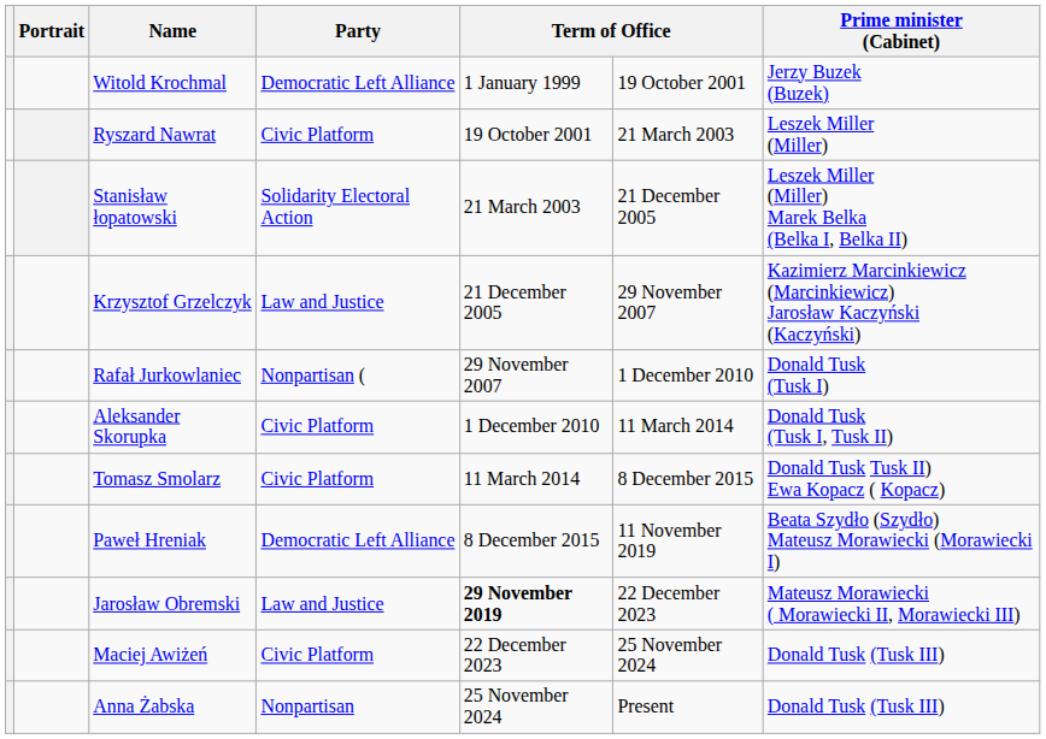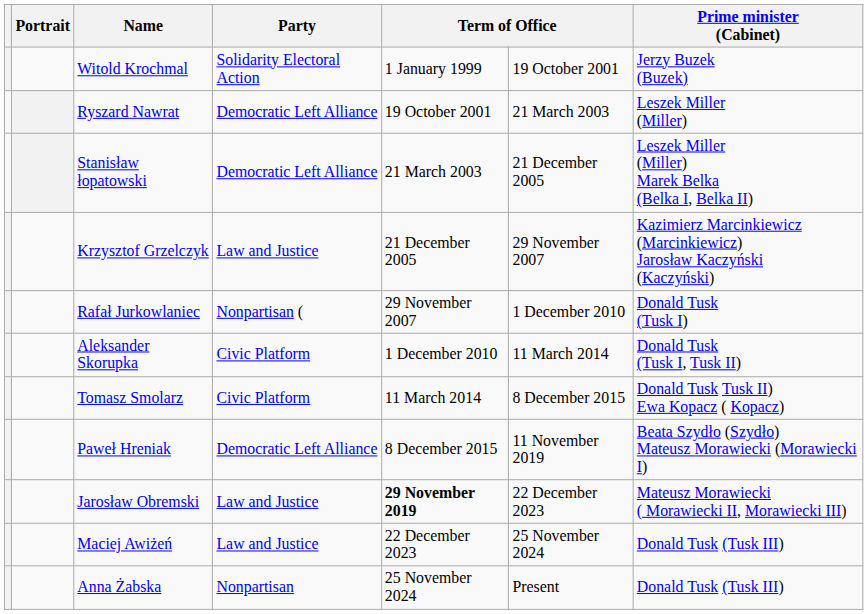 <table class="wikitable">
 <tr>
 <th></th>
 <th>Portrait</th>
 <th>Name</th>
 <th>Party</th>
 <th colspan="2">Term of Office</th>
 <th><a href='#'>Prime minister</a><br>(Cabinet)</th>
 </tr>
 <tr>
 <th style="background:"></th>
 <td></td>
 <td><a href='#'>Witold Krochmal</a></td>
-<td><a href='#'>Democratic Left Alliance</a></td>
+<td><a href='#'>Solidarity Electoral Action</a></td>
 <td>1 January 1999</td>
 <td>19 October 2001</td>
 <td><a href='#'>Jerzy Buzek</a><br><a href='#'>(Buzek)</a></td>
 </tr>
 <tr>
 <td></td>
 <th style="background:"></th>
 <td><a href='#'>Ryszard Nawrat</a></td>
-<td><a href='#'>Civic Platform</a></td>
+<td><a href='#'>Democratic Left Alliance</a></td>
 <td>19 October 2001</td>
 <td>21 March 2003</td>
 <td><a href='#'>Leszek Miller</a><br>(<a href='#'>Miller</a>)</td>
 </tr>
 <tr>
 <td></td>
 <th style="background:"></th>
 <td><a href='#'>Stanisław łopatowski</a></td>
-<td><a href='#'>Solidarity Electoral Action</a></td>
+<td><a href='#'>Democratic Left Alliance</a></td>
 <td>21 March 2003</td>
 <td>21 December 2005</td>
 <td><a href='#'>Leszek Miller</a><br>(<a href='#'>Miller</a>)<br><a href='#'>Marek Belka</a><br><a href='#'>(Belka I</a>, <a href='#'>Belka II</a>)</td>
 </tr>
 <tr>
 <th style="background:"></th>
 <td></td>
 <td><a href='#'>Krzysztof Grzelczyk</a></td>
 <td><a href='#'>Law and Justice</a></td>
 <td>21 December 2005</td>
 <td>29 November 2007</td>
 <td><a href='#'>Kazimierz Marcinkiewicz</a><br>(<a href='#'>Marcinkiewicz</a>)<br><a href='#'>Jarosław Kaczyński</a><br>(<a href='#'>Kaczyński</a>)</td>
 </tr>
 <tr>
 <th style="background:"></th>
 <td></td>
 <td><a href='#'>Rafał Jurkowlaniec</a></td>
 <td><a href='#'>Nonpartisan</a> (</td>
 <td>29 November 2007</td>
 <td>1 December 2010</td>
 <td><a href='#'>Donald Tusk</a><br><a href='#'>(Tusk I</a>)</td>
 </tr>
 <tr>
 <th style="background:"></th>
 <td></td>
 <td><a href='#'>Aleksander Skorupka</a></td>
 <td><a href='#'>Civic Platform</a></td>
 <td>1 December 2010</td>
 <td>11 March 2014</td>
 <td><a href='#'>Donald Tusk</a><br><a href='#'>(Tusk I</a>, <a href='#'>Tusk II</a>)</td>
 </tr>
 <tr>
 <th style="background:"></th>
 <td></td>
 <td><a href='#'>Tomasz Smolarz</a></td>
 <td><a href='#'>Civic Platform</a></td>
 <td>11 March 2014</td>
 <td>8 December 2015</td>
 <td><a href='#'>Donald Tusk</a> <a href='#'>Tusk II</a>)<br><a href='#'>Ewa Kopacz</a> ( <a href='#'>Kopacz</a>)</td>
 </tr>
 <tr>
 <th style="background:"></th>
 <td></td>
 <td><a href='#'>Paweł Hreniak</a></td>
 <td><a href='#'>Democratic Left Alliance</a></td>
 <td>8 December 2015</td>
 <td>11 November 2019</td>
 <td><a href='#'>Beata Szydło</a> (<a href='#'>Szydło</a>)<br><a href='#'>Mateusz Morawiecki</a> (<a href='#'>Morawiecki I</a>)</td>
 </tr>
 <tr>
 <th style="background:"></th>
 <td></td>
 <td><a href='#'>Jarosław Obremski</a></td>
 <td><a href='#'>Law and Justice</a></td>
 <td><strong>29 November 2019</strong></td>
 <td>22 December 2023</td>
 <td><a href='#'>Mateusz Morawiecki</a><br><a href='#'>( Morawiecki II</a>, <a href='#'>Morawiecki III</a>)</td>
 </tr>
 <tr>
 <th style="background:"></th>
 <td></td>
 <td><a href='#'>Maciej Awiżeń</a></td>
-<td><a href='#'>Civic Platform</a></td>
+<td><a href='#'>Law and Justice</a></td>
 <td>22 December 2023</td>
 <td>25 November 2024</td>
 <td><a href='#'>Donald Tusk</a> <a href='#'>(Tusk III</a>)</td>
 </tr>
 <tr>
 <th style="background:"></th>
 <td></td>
 <td><a href='#'>Anna Żabska</a></td>
 <td><a href='#'>Nonpartisan</a></td>
 <td>25 November 2024</td>
 <td>Present</td>
 <td><a href='#'>Donald Tusk</a> <a href='#'>(Tusk III</a>)</td>
 </tr>
 </table>
